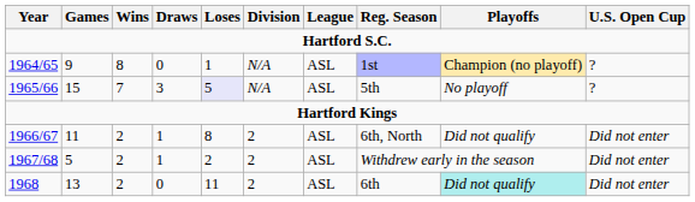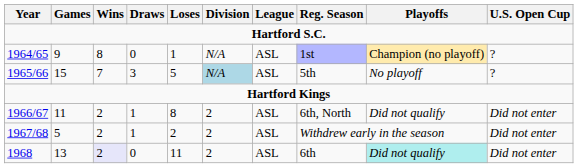 <table class="wikitable">
 <tr>
 <th>Year</th>
 <th>Games</th>
 <th>Wins</th>
 <th>Draws</th>
 <th>Loses</th>
 <th>Division</th>
 <th>League</th>
 <th>Reg. Season</th>
 <th>Playoffs</th>
 <th>U.S. Open Cup</th>
 </tr>
 <tr>
 <td colspan="10" style="text-align:center;"><strong>Hartford S.C.</strong></td>
 </tr>
 <tr>
 <td><a href='#'>1964/65</a></td>
 <td>9</td>
 <td>8</td>
 <td>0</td>
 <td>1</td>
 <td><em>N/A</em></td>
 <td>ASL</td>
 <td bgcolor="B3B7FF">1st</td>
 <td bgcolor="FFEBAD">Champion (no playoff)</td>
 <td>?</td>
 </tr>
 <tr>
 <td><a href='#'>1965/66</a></td>
 <td>15</td>
 <td>7</td>
 <td>3</td>
-<td style="background: lavender;">5</td>
-<td><em>N/A</em></td>
+<td>5</td>
+<td style="background: lightblue;"><em>N/A</em></td>
 <td>ASL</td>
 <td>5th</td>
 <td><em>No playoff</em></td>
 <td>?</td>
 </tr>
 <tr>
 <td colspan="10" style="text-align:center;"><strong>Hartford Kings</strong></td>
 </tr>
 <tr>
 <td><a href='#'>1966/67</a></td>
 <td>11</td>
 <td>2</td>
 <td>1</td>
 <td>8</td>
 <td>2</td>
 <td>ASL</td>
 <td>6th, North</td>
 <td><em>Did not qualify</em></td>
 <td><em>Did not enter</em></td>
 </tr>
 <tr>
 <td><a href='#'>1967/68</a></td>
 <td>5</td>
 <td>2</td>
 <td>1</td>
 <td>2</td>
 <td>2</td>
 <td>ASL</td>
 <td colspan=2><em>Withdrew early in the season</em></td>
 <td><em>Did not enter</em></td>
 </tr>
 <tr>
 <td><a href='#'>1968</a></td>
 <td>13</td>
-<td>2</td>
+<td style="background: lavender;">2</td>
 <td>0</td>
 <td>11</td>
 <td>2</td>
 <td>ASL</td>
 <td>6th</td>
 <td style="background: paleturquoise;"><em>Did not qualify</em></td>
 <td><em>Did not enter</em></td>
 </tr>
 </table>
